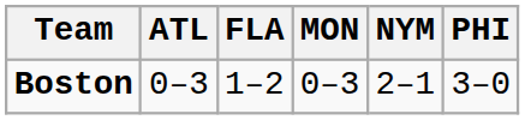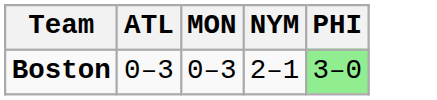 <table class="wikitable" style="text-align:center; font-size: 95%;">
 <tr>
 <th>Team</th>
 <th>ATL</th>
-<th>FLA</th>
 <th>MON</th>
 <th>NYM</th>
 <th>PHI</th>
 </tr>
 <tr>
 <td><strong>Boston</strong></td>
 <td>0–3</td>
-<td>1–2</td>
 <td>0–3</td>
 <td>2–1</td>
-<td>3–0</td>
+<td style="background: lightgreen;">3–0</td>
 </tr>
 </table>
